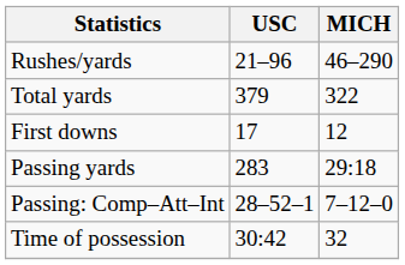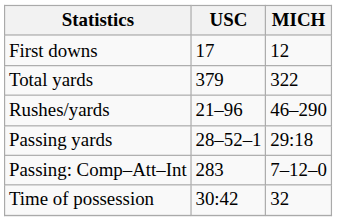 <table class="wikitable" style="float: left;">
 <tr>
 <th>Statistics</th>
 <th>USC</th>
 <th>MICH</th>
 </tr>
 <tr>
-<td>Rushes/yards</td>
-<td>21–96</td>
-<td>46–290</td>
+<td>First downs</td>
+<td>17</td>
+<td>12</td>
 </tr>
 <tr>
 <td>Total yards</td>
 <td>379</td>
 <td>322</td>
 </tr>
 <tr>
-<td>First downs</td>
-<td>17</td>
-<td>12</td>
+<td>Rushes/yards</td>
+<td>21–96</td>
+<td>46–290</td>
 </tr>
 <tr>
 <td>Passing yards</td>
-<td>283</td>
+<td>28–52–1</td>
 <td>29:18</td>
 </tr>
 <tr>
 <td>Passing: Comp–Att–Int</td>
-<td>28–52–1</td>
+<td>283</td>
 <td>7–12–0</td>
 </tr>
 <tr>
 <td>Time of possession</td>
 <td>30:42</td>
 <td>32</td>
 </tr>
 <tr>
 </tr>
 </table>
